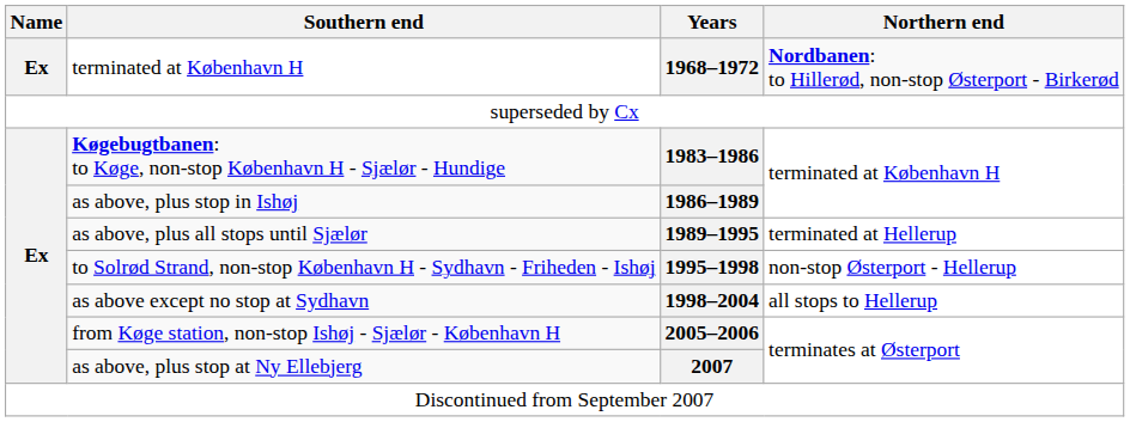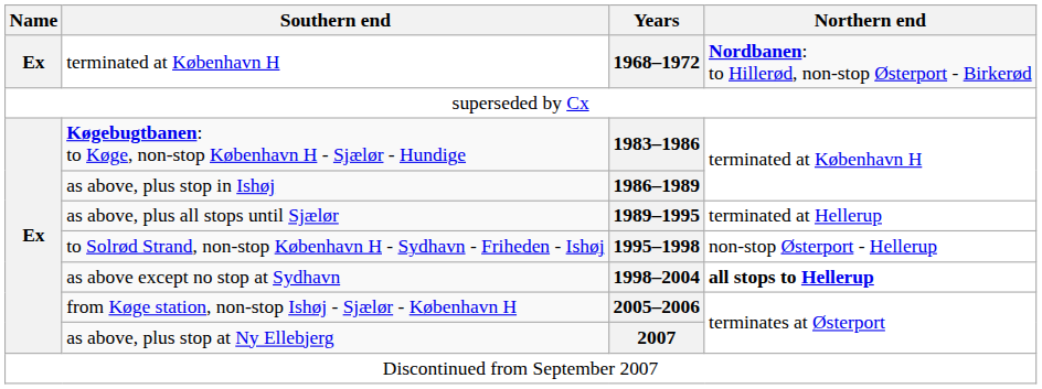 <table class=wikitable>
 <tr>
 <th>Name</th>
 <th>Southern end</th>
 <th>Years</th>
 <th>Northern end</th>
 </tr>
 <tr>
 <th>Ex</th>
 <td style="background:white">terminated at <a href='#'>København H</a></td>
 <th>1968–1972</th>
 <td><strong><a href='#'>Nordbanen</a></strong>:<br> to <a href='#'>Hillerød</a>, non-stop <a href='#'>Østerport</a> - <a href='#'>Birkerød</a></td>
 </tr>
 <tr>
 <td colspan=4 align=center style="background:white">superseded by <a href='#'>Cx</a></td>
 </tr>
 <tr>
 <th rowspan=7>Ex</th>
 <td><strong><a href='#'>Køgebugtbanen</a></strong>:<br> to <a href='#'>Køge</a>, non-stop <a href='#'>København H</a> - <a href='#'>Sjælør</a> - <a href='#'>Hundige</a></td>
 <th>1983–1986</th>
 <td style="background:white" rowspan=2>terminated at <a href='#'>København H</a></td>
 </tr>
 <tr>
 <td>as above, plus stop in <a href='#'>Ishøj</a></td>
 <th>1986–1989</th>
 </tr>
 <tr>
 <td>as above, plus all stops until <a href='#'>Sjælør</a></td>
 <th>1989–1995</th>
 <td style="background:white">terminated at <a href='#'>Hellerup</a></td>
 </tr>
 <tr>
 <td>to <a href='#'>Solrød Strand</a>, non-stop <a href='#'>København H</a> - <a href='#'>Sydhavn</a> - <a href='#'>Friheden</a> - <a href='#'>Ishøj</a></td>
 <th>1995–1998</th>
 <td style="background:white">non-stop <a href='#'>Østerport</a> - <a href='#'>Hellerup</a></td>
 </tr>
 <tr>
 <td>as above except no stop at <a href='#'>Sydhavn</a></td>
 <th>1998–2004</th>
-<td style="background:white">all stops to <a href='#'>Hellerup</a></td>
+<td style="background:white"><strong>all stops to <a href='#'>Hellerup</a></strong></td>
 </tr>
 <tr>
 <td>from <a href='#'>Køge station</a>, non-stop <a href='#'>Ishøj</a> - <a href='#'>Sjælør</a> - <a href='#'>København H</a></td>
 <th>2005–2006</th>
 <td rowspan=2 style="background:white">terminates at <a href='#'>Østerport</a></td>
 </tr>
 <tr>
 <td>as above, plus stop at <a href='#'>Ny Ellebjerg</a></td>
 <th>2007</th>
 </tr>
 <tr>
 <td colspan=4 style="background:white" align=center>Discontinued from September 2007</td>
 </tr>
 </table>
